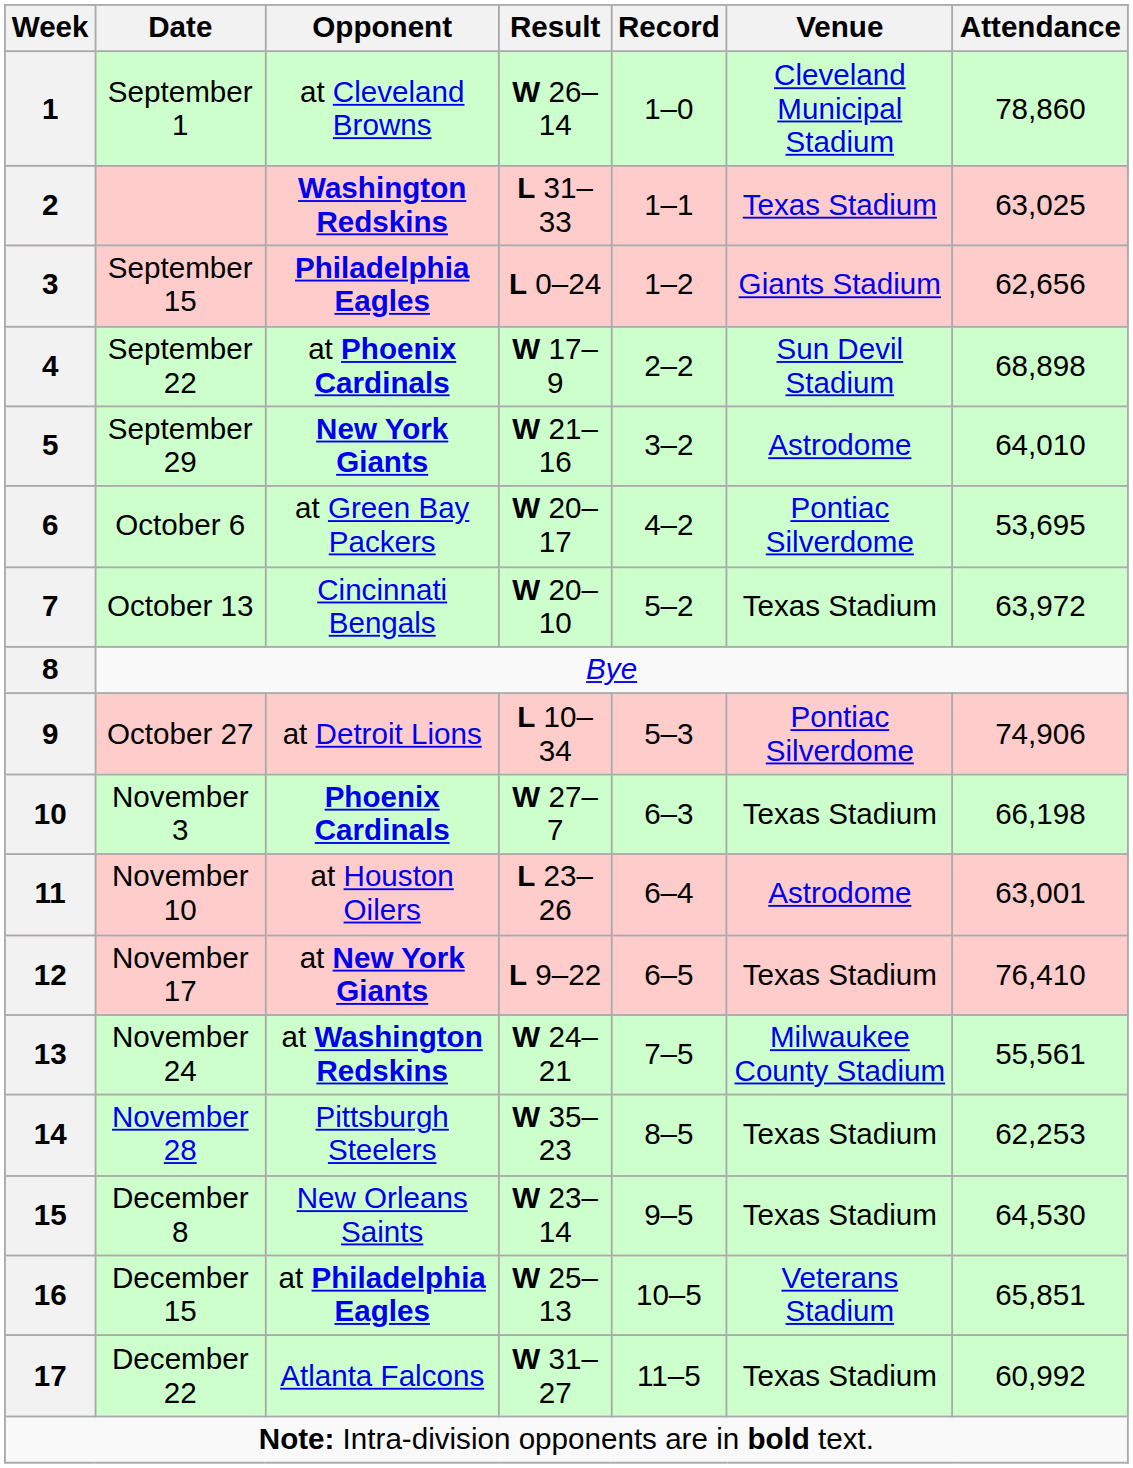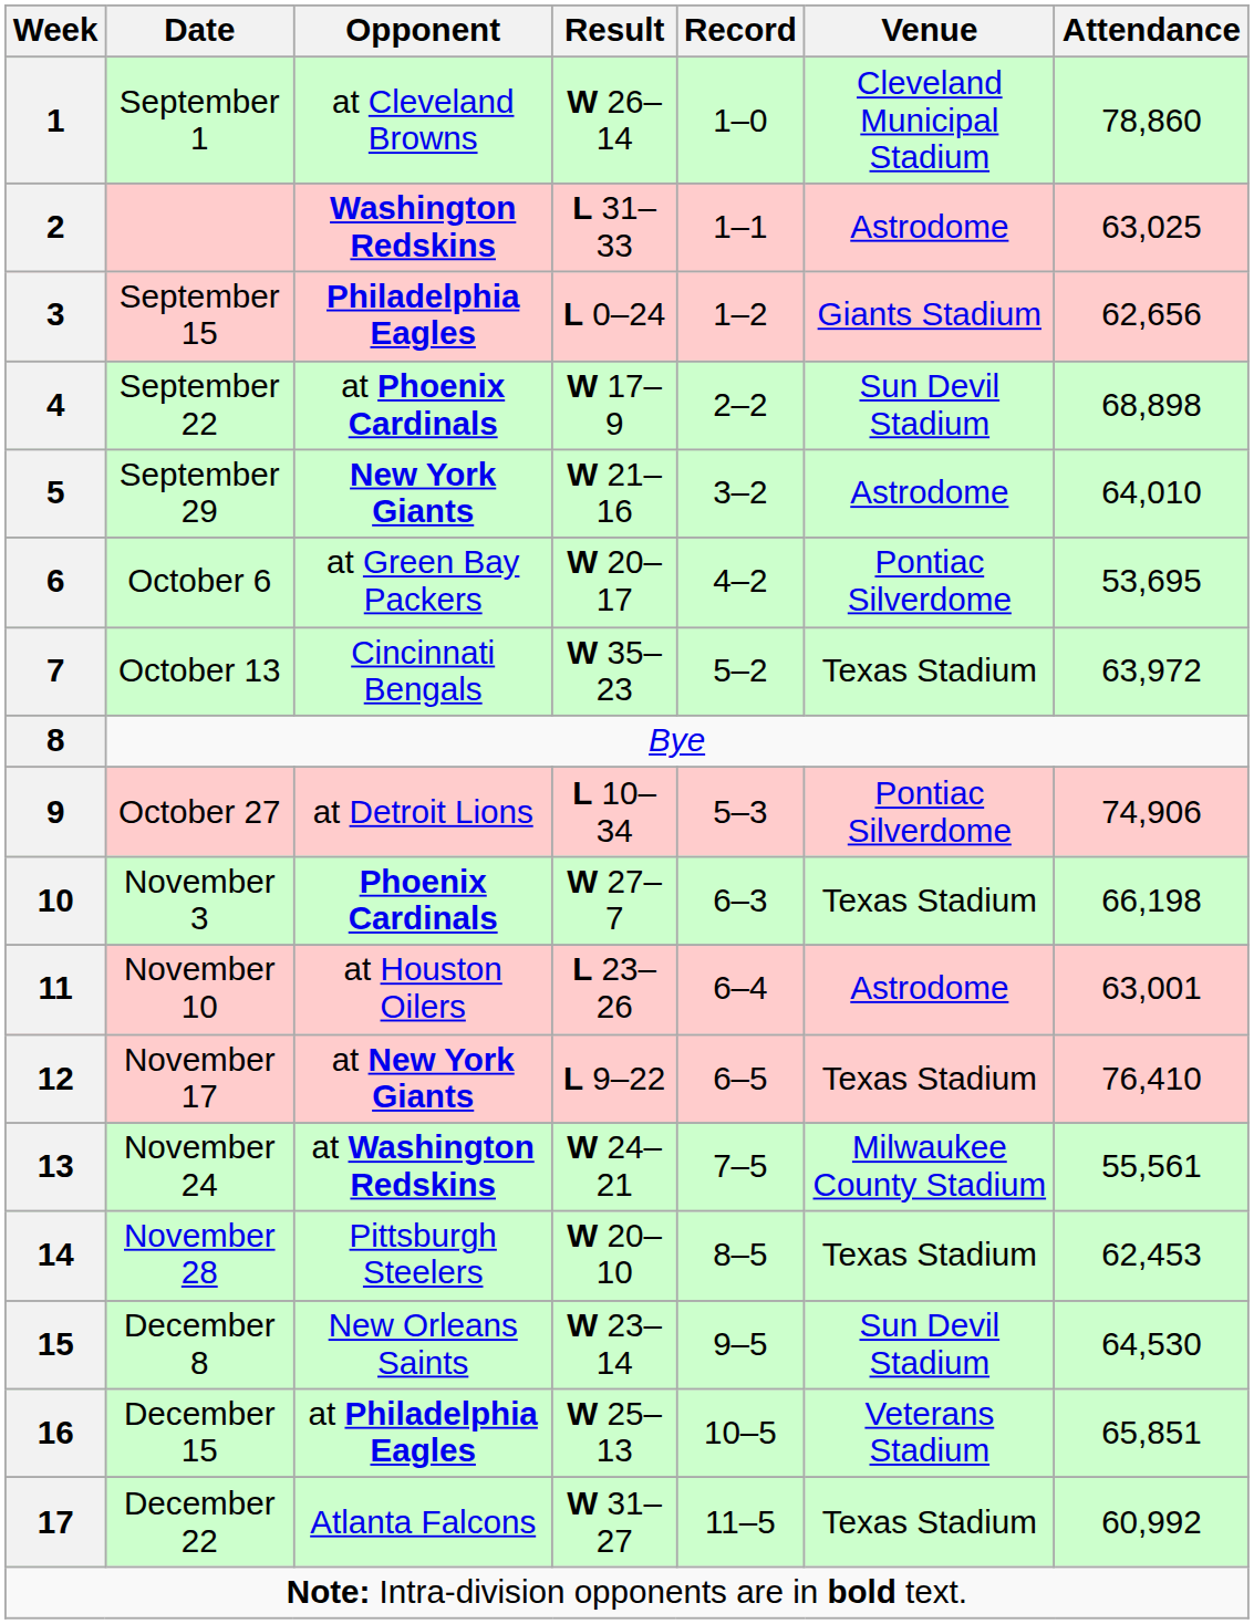 <table class="wikitable" style="text-align:center">
 <tr>
 <th>Week</th>
 <th>Date</th>
 <th>Opponent</th>
 <th>Result</th>
 <th>Record</th>
 <th>Venue</th>
 <th>Attendance</th>
 </tr>
 <tr style="background:#cfc">
 <th>1</th>
 <td>September 1</td>
 <td>at <a href='#'>Cleveland Browns</a></td>
 <td><strong>W</strong> 26–14</td>
 <td>1–0</td>
 <td><a href='#'>Cleveland Municipal Stadium</a></td>
 <td>78,860</td>
 </tr>
 <tr style="background:#fcc">
 <th>2</th>
 <td></td>
 <td><strong><a href='#'>Washington Redskins</a></strong></td>
 <td><strong>L</strong> 31–33</td>
 <td>1–1</td>
-<td><a href='#'>Texas Stadium</a></td>
+<td><a href='#'>Astrodome</a></td>
 <td>63,025</td>
 </tr>
 <tr style="background:#fcc">
 <th>3</th>
 <td>September 15</td>
 <td><strong><a href='#'>Philadelphia Eagles</a></strong></td>
 <td><strong>L</strong> 0–24</td>
 <td>1–2</td>
 <td><a href='#'>Giants Stadium</a></td>
 <td>62,656</td>
 </tr>
 <tr style="background:#cfc">
 <th>4</th>
 <td>September 22</td>
 <td>at <strong><a href='#'>Phoenix Cardinals</a></strong></td>
 <td><strong>W</strong> 17–9</td>
 <td>2–2</td>
 <td><a href='#'>Sun Devil Stadium</a></td>
 <td>68,898</td>
 </tr>
 <tr style="background:#cfc">
 <th>5</th>
 <td>September 29</td>
 <td><strong><a href='#'>New York Giants</a></strong></td>
 <td><strong>W</strong> 21–16</td>
 <td>3–2</td>
 <td><a href='#'>Astrodome</a></td>
 <td>64,010</td>
 </tr>
 <tr style="background:#cfc">
 <th>6</th>
 <td>October 6</td>
 <td>at <a href='#'>Green Bay Packers</a></td>
 <td><strong>W</strong> 20–17</td>
 <td>4–2</td>
 <td><a href='#'>Pontiac Silverdome</a></td>
 <td>53,695</td>
 </tr>
 <tr style="background:#cfc">
 <th>7</th>
 <td>October 13</td>
 <td><a href='#'>Cincinnati Bengals</a></td>
-<td><strong>W</strong> 20–10</td>
+<td><strong>W</strong> 35–23</td>
 <td>5–2</td>
 <td>Texas Stadium</td>
 <td>63,972</td>
 </tr>
 <tr>
 <th>8</th>
 <td colspan="6"><em><a href='#'>Bye</a></em></td>
 </tr>
 <tr style="background:#fcc">
 <th>9</th>
 <td>October 27</td>
 <td>at <a href='#'>Detroit Lions</a></td>
 <td><strong>L</strong> 10–34</td>
 <td>5–3</td>
 <td><a href='#'>Pontiac Silverdome</a></td>
 <td>74,906</td>
 </tr>
 <tr style="background:#cfc">
 <th>10</th>
 <td>November 3</td>
 <td><strong><a href='#'>Phoenix Cardinals</a></strong></td>
 <td><strong>W</strong> 27–7</td>
 <td>6–3</td>
 <td>Texas Stadium</td>
 <td>66,198</td>
 </tr>
 <tr style="background:#fcc">
 <th>11</th>
 <td>November 10</td>
 <td>at <a href='#'>Houston Oilers</a></td>
 <td><strong>L</strong> 23–26 </td>
 <td>6–4</td>
 <td><a href='#'>Astrodome</a></td>
 <td>63,001</td>
 </tr>
 <tr style="background:#fcc">
 <th>12</th>
 <td>November 17</td>
 <td>at <strong><a href='#'>New York Giants</a></strong></td>
 <td><strong>L</strong> 9–22</td>
 <td>6–5</td>
 <td>Texas Stadium</td>
 <td>76,410</td>
 </tr>
 <tr style="background:#cfc">
 <th>13</th>
 <td>November 24</td>
 <td>at <strong><a href='#'>Washington Redskins</a></strong></td>
 <td><strong>W</strong> 24–21</td>
 <td>7–5</td>
 <td><a href='#'>Milwaukee County Stadium</a></td>
 <td>55,561</td>
 </tr>
 <tr style="background:#cfc">
 <th>14</th>
 <td><a href='#'>November 28</a></td>
 <td><a href='#'>Pittsburgh Steelers</a></td>
-<td><strong>W</strong> 35–23</td>
+<td><strong>W</strong> 20–10</td>
 <td>8–5</td>
 <td>Texas Stadium</td>
-<td>62,253</td>
+<td>62,453</td>
 </tr>
 <tr style="background:#cfc">
 <th>15</th>
 <td>December 8</td>
 <td><a href='#'>New Orleans Saints</a></td>
 <td><strong>W</strong> 23–14</td>
 <td>9–5</td>
-<td>Texas Stadium</td>
+<td><a href='#'>Sun Devil Stadium</a></td>
 <td>64,530</td>
 </tr>
 <tr style="background:#cfc">
 <th>16</th>
 <td>December 15</td>
 <td>at <strong><a href='#'>Philadelphia Eagles</a></strong></td>
 <td><strong>W</strong> 25–13</td>
 <td>10–5</td>
 <td><a href='#'>Veterans Stadium</a></td>
 <td>65,851</td>
 </tr>
 <tr style="background:#cfc">
 <th>17</th>
 <td>December 22</td>
 <td><a href='#'>Atlanta Falcons</a></td>
 <td><strong>W</strong> 31–27</td>
 <td>11–5</td>
 <td>Texas Stadium</td>
 <td>60,992</td>
 </tr>
 <tr>
 <td colspan="8"><strong>Note:</strong> Intra-division opponents are in <strong>bold</strong> text.</td>
 </tr>
 </table>
